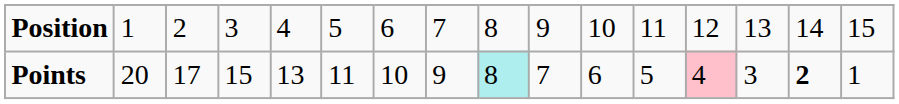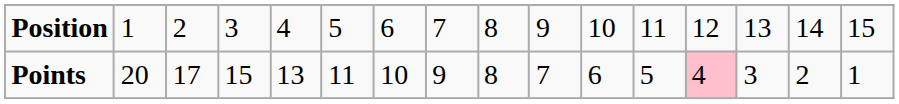 <table class="wikitable" style="font-size: 90%;">
 <tr>
 <td><strong>Position</strong></td>
 <td width=20>1</td>
 <td width=20>2</td>
 <td width=20>3</td>
 <td width=20>4</td>
 <td width=20>5</td>
 <td width=20>6</td>
 <td width=20>7</td>
 <td width=20>8</td>
 <td width=20>9</td>
 <td width=20>10</td>
 <td width=20>11</td>
 <td width=20>12</td>
 <td width=20>13</td>
 <td width=20>14</td>
 <td width=20>15</td>
 </tr>
 <tr>
 <td><strong>Points</strong></td>
 <td>20</td>
 <td>17</td>
 <td>15</td>
 <td>13</td>
 <td>11</td>
 <td>10</td>
 <td>9</td>
-<td style="background: paleturquoise;">8</td>
+<td>8</td>
 <td>7</td>
 <td>6</td>
 <td>5</td>
 <td style="background: pink;">4</td>
 <td>3</td>
-<td><strong>2</strong></td>
+<td>2</td>
 <td>1</td>
 </tr>
 </table>
